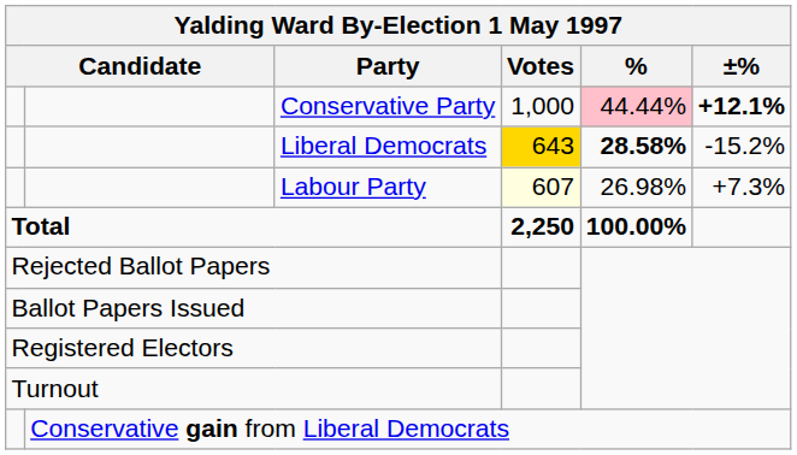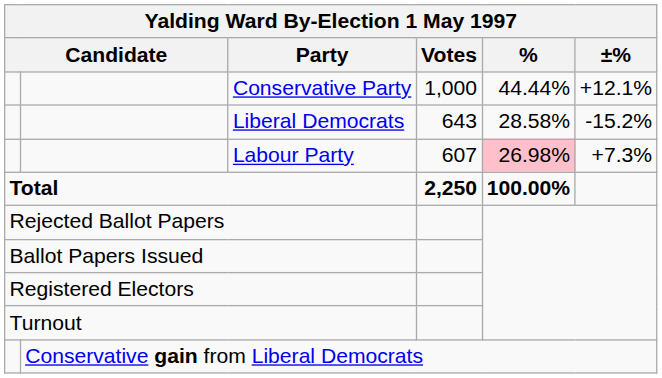 <table class="wikitable" style="text-align:right;">
 <tr>
 <th colspan=6>Yalding Ward By-Election 1 May 1997</th>
 </tr>
 <tr>
 <th align=left colspan=2>Candidate</th>
 <th align=left>Party</th>
 <th align=center>Votes</th>
 <th align=center>%</th>
 <th align=center>±%</th>
 </tr>
 <tr>
 <td bgcolor=> </td>
 <td align=left></td>
 <td align=left><a href='#'>Conservative Party</a></td>
 <td>1,000</td>
-<td style="background: pink;">44.44%</td>
-<td><strong>+12.1%</strong></td>
+<td>44.44%</td>
+<td>+12.1%</td>
 </tr>
 <tr>
 <td bgcolor=> </td>
 <td align=left width="150"></td>
 <td align=left><a href='#'>Liberal Democrats</a></td>
-<td style="background: gold;">643</td>
-<td><strong>28.58%</strong></td>
+<td>643</td>
+<td>28.58%</td>
 <td>-15.2%</td>
 </tr>
 <tr>
 <td bgcolor=> </td>
 <td align=left></td>
 <td align=left><a href='#'>Labour Party</a></td>
-<td style="background: lightyellow;">607</td>
-<td>26.98%</td>
+<td>607</td>
+<td style="background: pink;">26.98%</td>
 <td>+7.3%</td>
 </tr>
 <tr>
 <td align=left colspan=3><strong>Total</strong></td>
 <td><strong>2,250</strong></td>
 <td><strong>100.00%</strong></td>
 <td></td>
 </tr>
 <tr>
 <td align=left colspan=3>Rejected Ballot Papers</td>
 <td></td>
 <td rowspan=4 colspan=2></td>
 </tr>
 <tr>
 <td align=left colspan=3>Ballot Papers Issued</td>
 <td></td>
 </tr>
 <tr>
 <td align=left colspan=3>Registered Electors</td>
 <td></td>
 </tr>
 <tr>
 <td align=left colspan=3>Turnout</td>
 <td></td>
 </tr>
 <tr>
 <td bgcolor=> </td>
 <td align=left colspan=6><a href='#'>Conservative</a> <strong>gain</strong> from <a href='#'>Liberal Democrats</a></td>
 </tr>
 </table>
